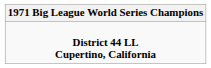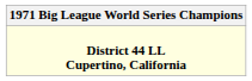 <table class="wikitable" style="text-align: center; margin: 0 auto;">
 <tr>
 <th>1971 Big League World Series Champions</th>
 </tr>
 <tr>
-<td><br><strong>District 44 LL</strong><br><strong>Cupertino, California</strong></td>
+<td style="background: lightyellow;"><br><strong>District 44 LL</strong><br><strong>Cupertino, California</strong></td>
 </tr>
 </table>
